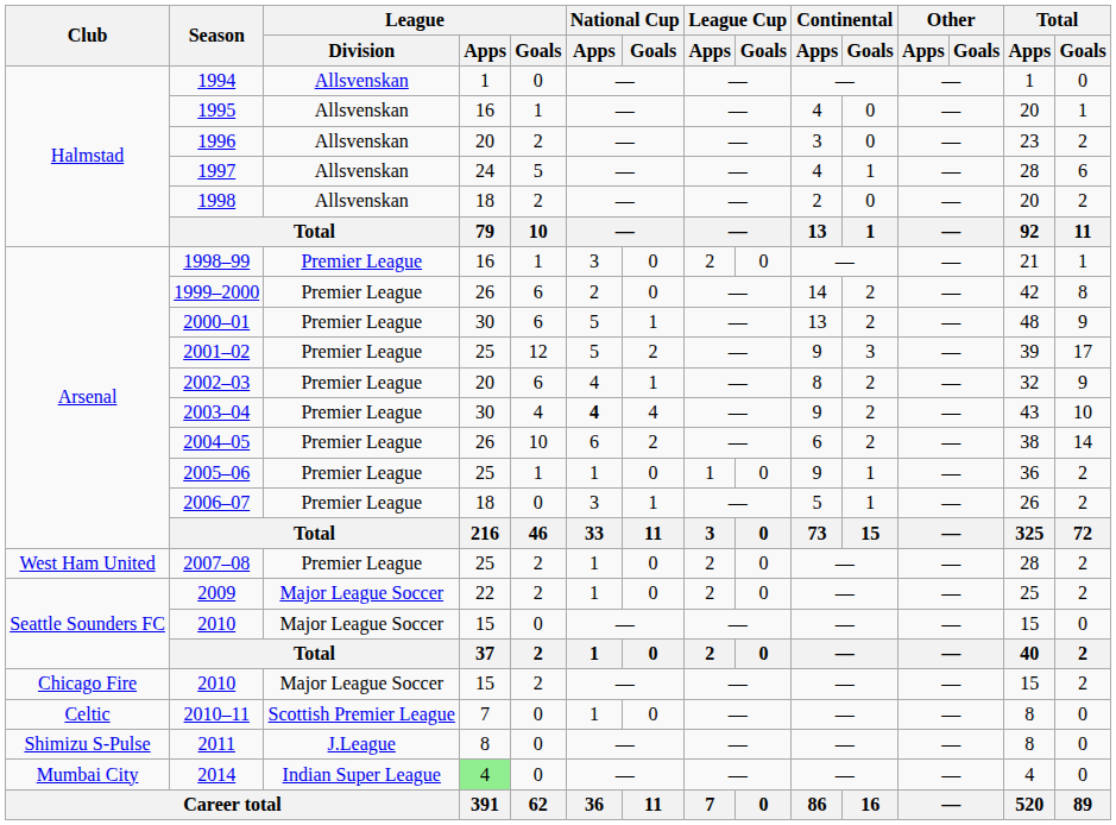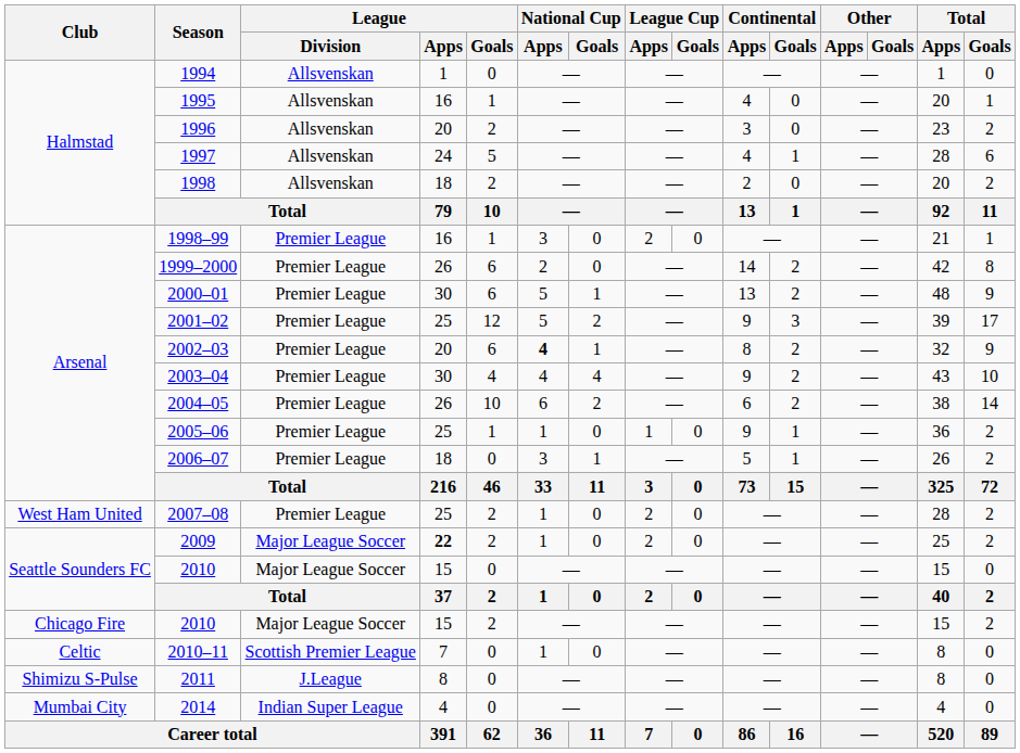 <table class="wikitable" style="text-align:center">
 <tr>
 <th rowspan="2">Club</th>
 <th rowspan="2">Season</th>
 <th colspan="3">League</th>
 <th colspan="2">National Cup</th>
 <th colspan="2">League Cup</th>
 <th colspan="2">Continental</th>
 <th colspan="2">Other</th>
 <th colspan="2">Total</th>
 </tr>
 <tr>
 <th>Division</th>
 <th>Apps</th>
 <th>Goals</th>
 <th>Apps</th>
 <th>Goals</th>
 <th>Apps</th>
 <th>Goals</th>
 <th>Apps</th>
 <th>Goals</th>
 <th>Apps</th>
 <th>Goals</th>
 <th>Apps</th>
 <th>Goals</th>
 </tr>
 <tr>
 <td rowspan="6"><a href='#'>Halmstad</a></td>
 <td><a href='#'>1994</a></td>
 <td><a href='#'>Allsvenskan</a></td>
 <td>1</td>
 <td>0</td>
 <td colspan="2">—</td>
 <td colspan="2">—</td>
 <td colspan="2">—</td>
 <td colspan="2">—</td>
 <td>1</td>
 <td>0</td>
 </tr>
 <tr>
 <td><a href='#'>1995</a></td>
 <td>Allsvenskan</td>
 <td>16</td>
 <td>1</td>
 <td colspan="2">—</td>
 <td colspan="2">—</td>
 <td>4</td>
 <td>0</td>
 <td colspan="2">—</td>
 <td>20</td>
 <td>1</td>
 </tr>
 <tr>
 <td><a href='#'>1996</a></td>
 <td>Allsvenskan</td>
 <td>20</td>
 <td>2</td>
 <td colspan="2">—</td>
 <td colspan="2">—</td>
 <td>3</td>
 <td>0</td>
 <td colspan="2">—</td>
 <td>23</td>
 <td>2</td>
 </tr>
 <tr>
 <td><a href='#'>1997</a></td>
 <td>Allsvenskan</td>
 <td>24</td>
 <td>5</td>
 <td colspan="2">—</td>
 <td colspan="2">—</td>
 <td>4</td>
 <td>1</td>
 <td colspan="2">—</td>
 <td>28</td>
 <td>6</td>
 </tr>
 <tr>
 <td><a href='#'>1998</a></td>
 <td>Allsvenskan</td>
 <td>18</td>
 <td>2</td>
 <td colspan="2">—</td>
 <td colspan="2">—</td>
 <td>2</td>
 <td>0</td>
 <td colspan="2">—</td>
 <td>20</td>
 <td>2</td>
 </tr>
 <tr>
 <th colspan="2">Total</th>
 <th>79</th>
 <th>10</th>
 <th colspan="2">—</th>
 <th colspan="2">—</th>
 <th>13</th>
 <th>1</th>
 <th colspan="2">—</th>
 <th>92</th>
 <th>11</th>
 </tr>
 <tr>
 <td rowspan="10"><a href='#'>Arsenal</a></td>
 <td><a href='#'>1998–99</a></td>
 <td><a href='#'>Premier League</a></td>
 <td>16</td>
 <td>1</td>
 <td>3</td>
 <td>0</td>
 <td>2</td>
 <td>0</td>
 <td colspan="2">—</td>
 <td colspan="2">—</td>
 <td>21</td>
 <td>1</td>
 </tr>
 <tr>
 <td><a href='#'>1999–2000</a></td>
 <td>Premier League</td>
 <td>26</td>
 <td>6</td>
 <td>2</td>
 <td>0</td>
 <td colspan="2">—</td>
 <td>14</td>
 <td>2</td>
 <td colspan="2">—</td>
 <td>42</td>
 <td>8</td>
 </tr>
 <tr>
 <td><a href='#'>2000–01</a></td>
 <td>Premier League</td>
 <td>30</td>
 <td>6</td>
 <td>5</td>
 <td>1</td>
 <td colspan="2">—</td>
 <td>13</td>
 <td>2</td>
 <td colspan="2">—</td>
 <td>48</td>
 <td>9</td>
 </tr>
 <tr>
 <td><a href='#'>2001–02</a></td>
 <td>Premier League</td>
 <td>25</td>
 <td>12</td>
 <td>5</td>
 <td>2</td>
 <td colspan="2">—</td>
 <td>9</td>
 <td>3</td>
 <td colspan="2">—</td>
 <td>39</td>
 <td>17</td>
 </tr>
 <tr>
 <td><a href='#'>2002–03</a></td>
 <td>Premier League</td>
 <td>20</td>
 <td>6</td>
-<td>4</td>
+<td><strong>4</strong></td>
 <td>1</td>
 <td colspan="2">—</td>
 <td>8</td>
 <td>2</td>
 <td colspan="2">—</td>
 <td>32</td>
 <td>9</td>
 </tr>
 <tr>
 <td><a href='#'>2003–04</a></td>
 <td>Premier League</td>
 <td>30</td>
 <td>4</td>
-<td><strong>4</strong></td>
+<td>4</td>
 <td>4</td>
 <td colspan="2">—</td>
 <td>9</td>
 <td>2</td>
 <td colspan="2">—</td>
 <td>43</td>
 <td>10</td>
 </tr>
 <tr>
 <td><a href='#'>2004–05</a></td>
 <td>Premier League</td>
 <td>26</td>
 <td>10</td>
 <td>6</td>
 <td>2</td>
 <td colspan="2">—</td>
 <td>6</td>
 <td>2</td>
 <td colspan="2">—</td>
 <td>38</td>
 <td>14</td>
 </tr>
 <tr>
 <td><a href='#'>2005–06</a></td>
 <td>Premier League</td>
 <td>25</td>
 <td>1</td>
 <td>1</td>
 <td>0</td>
 <td>1</td>
 <td>0</td>
 <td>9</td>
 <td>1</td>
 <td colspan="2">—</td>
 <td>36</td>
 <td>2</td>
 </tr>
 <tr>
 <td><a href='#'>2006–07</a></td>
 <td>Premier League</td>
 <td>18</td>
 <td>0</td>
 <td>3</td>
 <td>1</td>
 <td colspan="2">—</td>
 <td>5</td>
 <td>1</td>
 <td colspan="2">—</td>
 <td>26</td>
 <td>2</td>
 </tr>
 <tr>
 <th colspan="2">Total</th>
 <th>216</th>
 <th>46</th>
 <th>33</th>
 <th>11</th>
 <th>3</th>
 <th>0</th>
 <th>73</th>
 <th>15</th>
 <th colspan="2">—</th>
 <th>325</th>
 <th>72</th>
 </tr>
 <tr>
 <td><a href='#'>West Ham United</a></td>
 <td><a href='#'>2007–08</a></td>
 <td>Premier League</td>
 <td>25</td>
 <td>2</td>
 <td>1</td>
 <td>0</td>
 <td>2</td>
 <td>0</td>
 <td colspan="2">—</td>
 <td colspan="2">—</td>
 <td>28</td>
 <td>2</td>
 </tr>
 <tr>
 <td rowspan="3"><a href='#'>Seattle Sounders FC</a></td>
 <td><a href='#'>2009</a></td>
 <td><a href='#'>Major League Soccer</a></td>
-<td>22</td>
+<td><strong>22</strong></td>
 <td>2</td>
 <td>1</td>
 <td>0</td>
 <td>2</td>
 <td>0</td>
 <td colspan="2">—</td>
 <td colspan="2">—</td>
 <td>25</td>
 <td>2</td>
 </tr>
 <tr>
 <td><a href='#'>2010</a></td>
 <td>Major League Soccer</td>
 <td>15</td>
 <td>0</td>
 <td colspan="2">—</td>
 <td colspan="2">—</td>
 <td colspan="2">—</td>
 <td colspan="2">—</td>
 <td>15</td>
 <td>0</td>
 </tr>
 <tr>
 <th colspan="2">Total</th>
 <th>37</th>
 <th>2</th>
 <th>1</th>
 <th>0</th>
 <th>2</th>
 <th>0</th>
 <th colspan="2">—</th>
 <th colspan="2">—</th>
 <th>40</th>
 <th>2</th>
 </tr>
 <tr>
 <td><a href='#'>Chicago Fire</a></td>
 <td><a href='#'>2010</a></td>
 <td>Major League Soccer</td>
 <td>15</td>
 <td>2</td>
 <td colspan="2">—</td>
 <td colspan="2">—</td>
 <td colspan="2">—</td>
 <td colspan="2">—</td>
 <td>15</td>
 <td>2</td>
 </tr>
 <tr>
 <td><a href='#'>Celtic</a></td>
 <td><a href='#'>2010–11</a></td>
 <td><a href='#'>Scottish Premier League</a></td>
 <td>7</td>
 <td>0</td>
 <td>1</td>
 <td>0</td>
 <td colspan="2">—</td>
 <td colspan="2">—</td>
 <td colspan="2">—</td>
 <td>8</td>
 <td>0</td>
 </tr>
 <tr>
 <td><a href='#'>Shimizu S-Pulse</a></td>
 <td><a href='#'>2011</a></td>
 <td><a href='#'>J.League</a></td>
 <td>8</td>
 <td>0</td>
 <td colspan="2">—</td>
 <td colspan="2">—</td>
 <td colspan="2">—</td>
 <td colspan="2">—</td>
 <td>8</td>
 <td>0</td>
 </tr>
 <tr>
 <td><a href='#'>Mumbai City</a></td>
 <td><a href='#'>2014</a></td>
 <td><a href='#'>Indian Super League</a></td>
-<td style="background: lightgreen;">4</td>
+<td>4</td>
 <td>0</td>
 <td colspan="2">—</td>
 <td colspan="2">—</td>
 <td colspan="2">—</td>
 <td colspan="2">—</td>
 <td>4</td>
 <td>0</td>
 </tr>
 <tr>
 <th colspan="3">Career total</th>
 <th>391</th>
 <th>62</th>
 <th>36</th>
 <th>11</th>
 <th>7</th>
 <th>0</th>
 <th>86</th>
 <th>16</th>
 <th colspan="2">—</th>
 <th>520</th>
 <th>89</th>
 </tr>
 </table>
